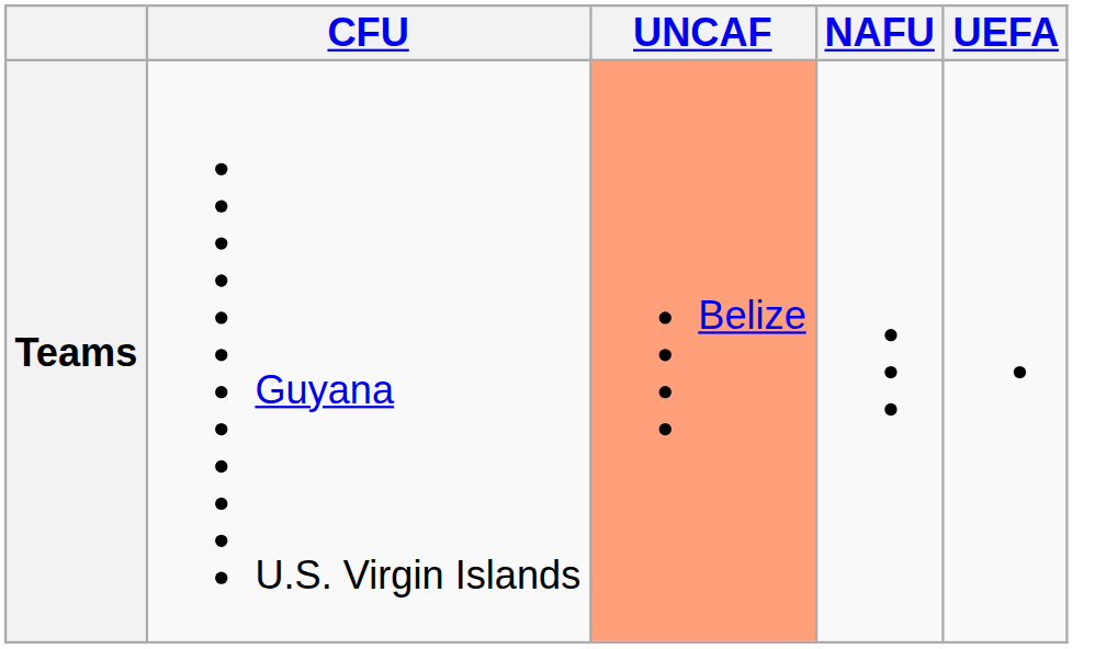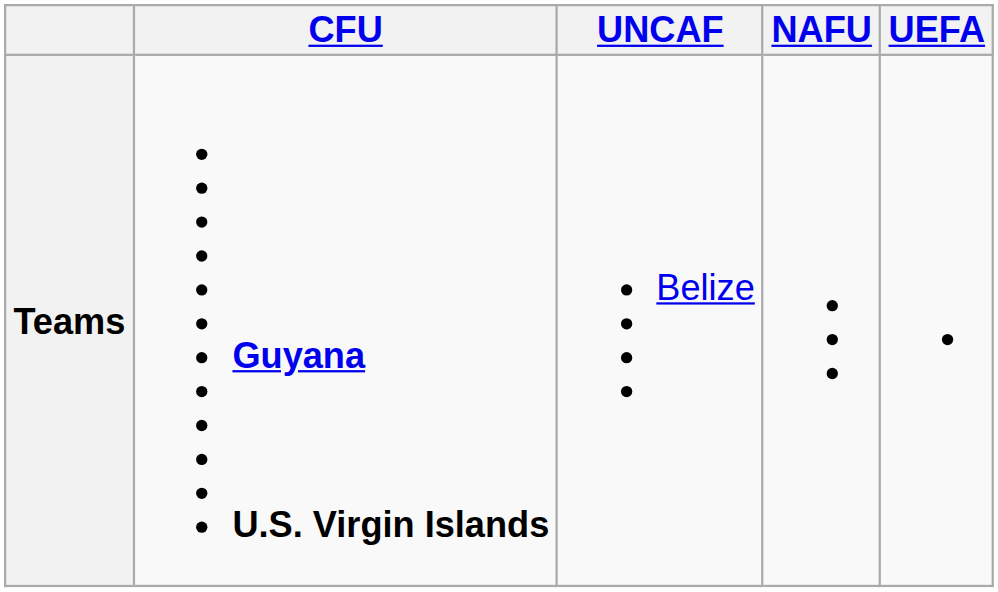 <table class="wikitable" style="line-height:15px;">
 <tr>
 <th colspan=2></th>
 <th><a href='#'>CFU</a></th>
 <th><a href='#'>UNCAF</a></th>
 <th><a href='#'>NAFU</a></th>
 <th><a href='#'>UEFA</a></th>
 </tr>
 <tr>
 <th colspan=2>Teams</th>
-<td><br><ul><li></li><li></li><li></li><li></li><li></li><li></li><li> <a href='#'>Guyana</a></li><li></li><li></li><li></li><li></li><li> U.S. Virgin Islands</li></ul></td>
-<td style="background: lightsalmon;"><br><ul><li> <a href='#'>Belize</a></li><li></li><li></li><li></li></ul></td>
+<td><strong><br><ul><li></li><li></li><li></li><li></li><li></li><li></li><li> <a href='#'>Guyana</a></li><li></li><li></li><li></li><li></li><li> U.S. Virgin Islands</li></ul></strong></td>
+<td><br><ul><li> <a href='#'>Belize</a></li><li></li><li></li><li></li></ul></td>
 <td><br><ul><li></li><li></li><li></li></ul></td>
 <td><br><ul><li></li></ul></td>
 </tr>
 </table>
